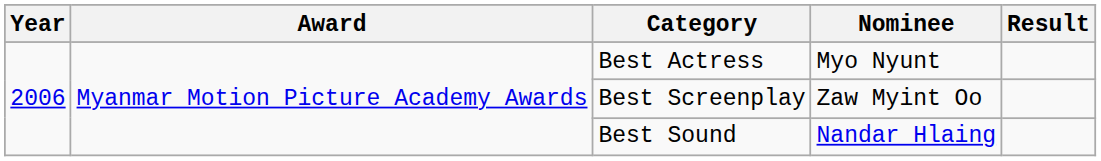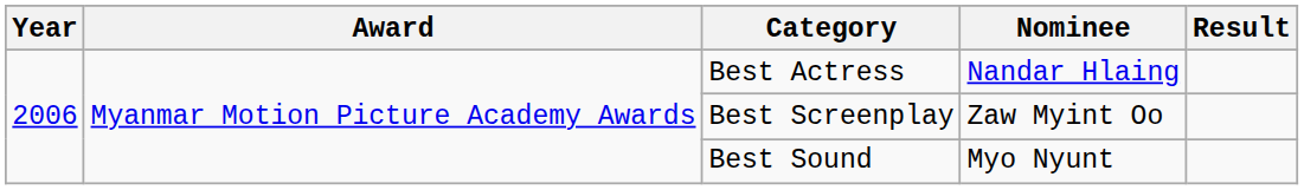 <table class="wikitable">
 <tr>
 <th>Year</th>
 <th>Award</th>
 <th>Category</th>
 <th>Nominee</th>
 <th>Result</th>
 </tr>
 <tr>
 <td scope="row" rowspan="3"><a href='#'>2006</a></td>
 <td scope="row" rowspan="3"><a href='#'>Myanmar Motion Picture Academy Awards</a></td>
 <td>Best Actress</td>
-<td>Myo Nyunt</td>
+<td><a href='#'>Nandar Hlaing</a></td>
 <td></td>
 </tr>
 <tr>
 <td>Best Screenplay</td>
 <td>Zaw Myint Oo</td>
 <td></td>
 </tr>
 <tr>
 <td>Best Sound</td>
-<td><a href='#'>Nandar Hlaing</a></td>
+<td>Myo Nyunt</td>
 <td></td>
 </tr>
 </table>
